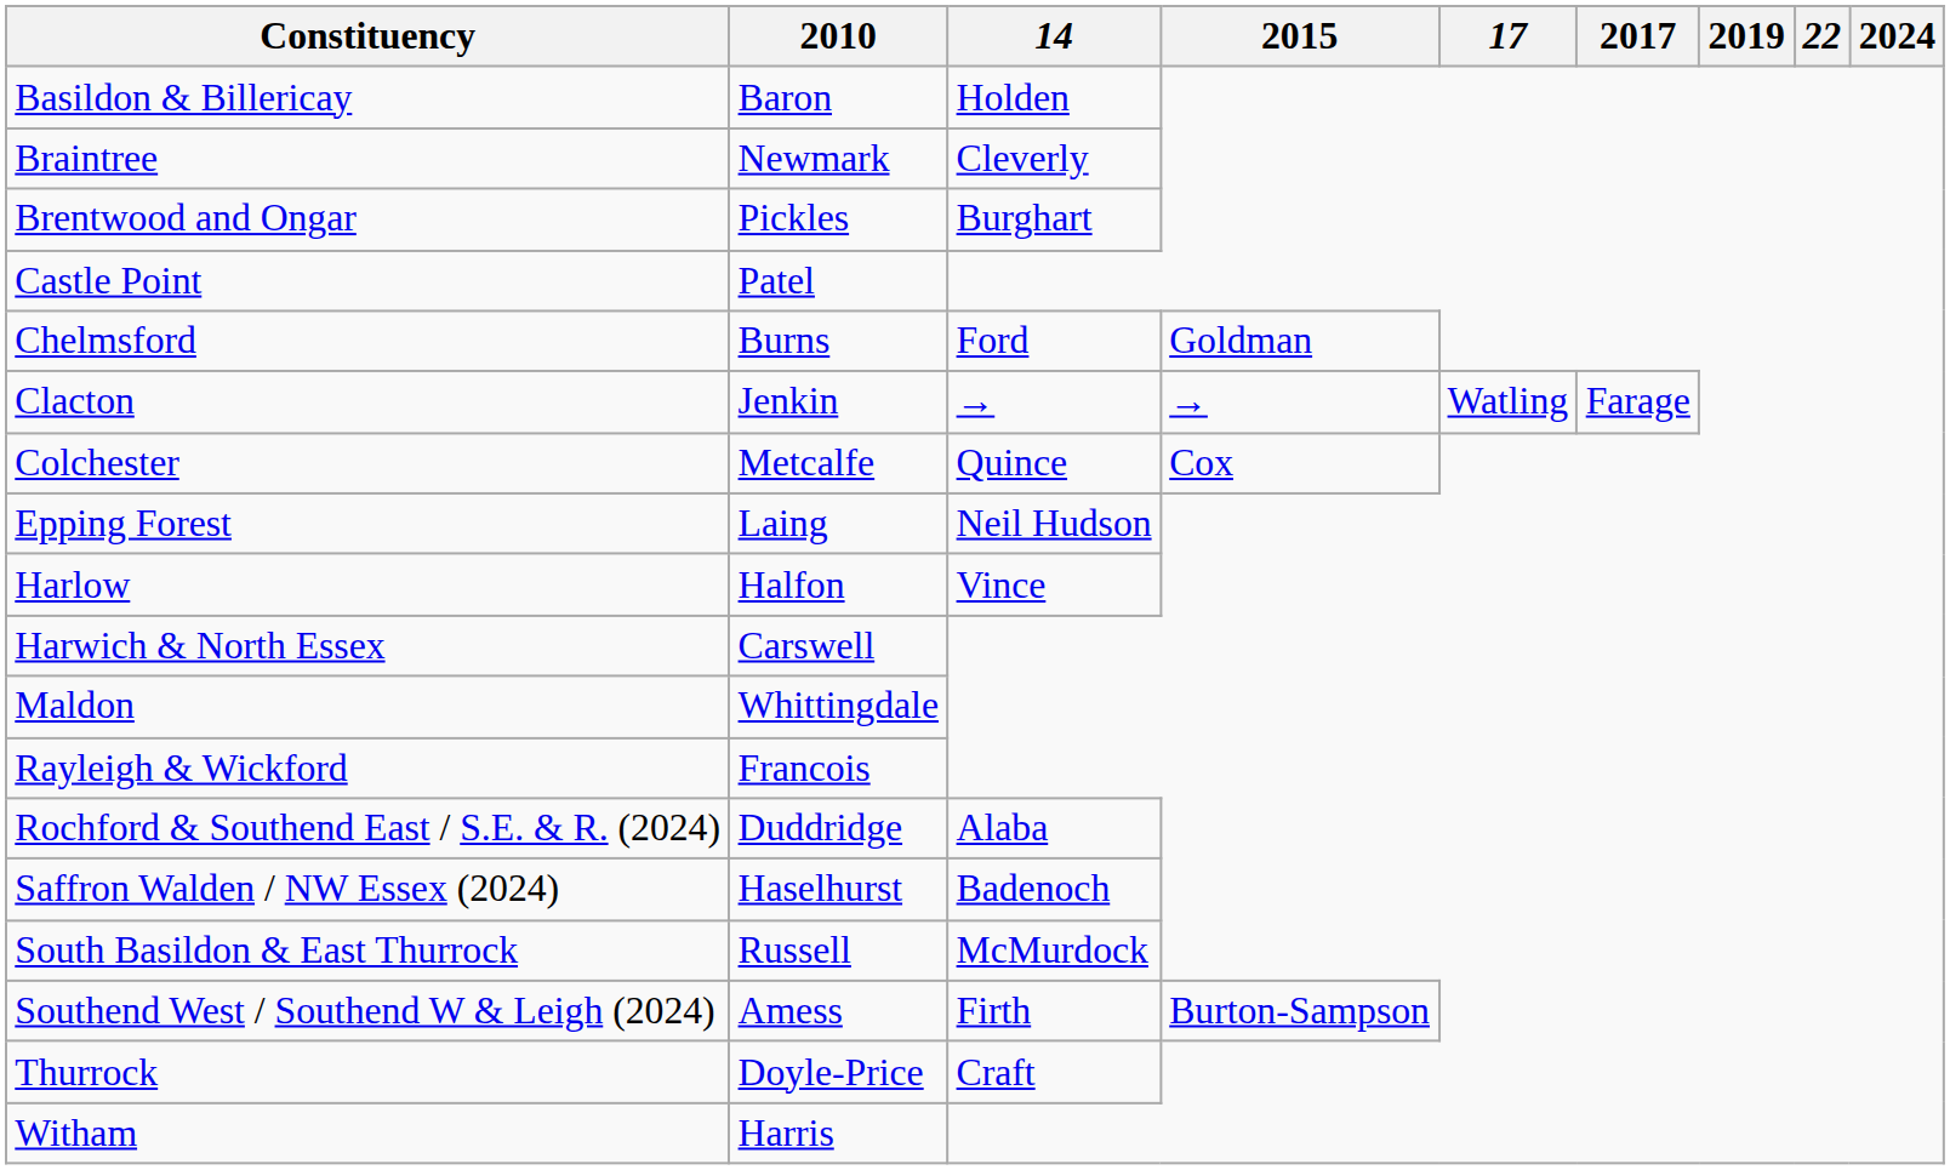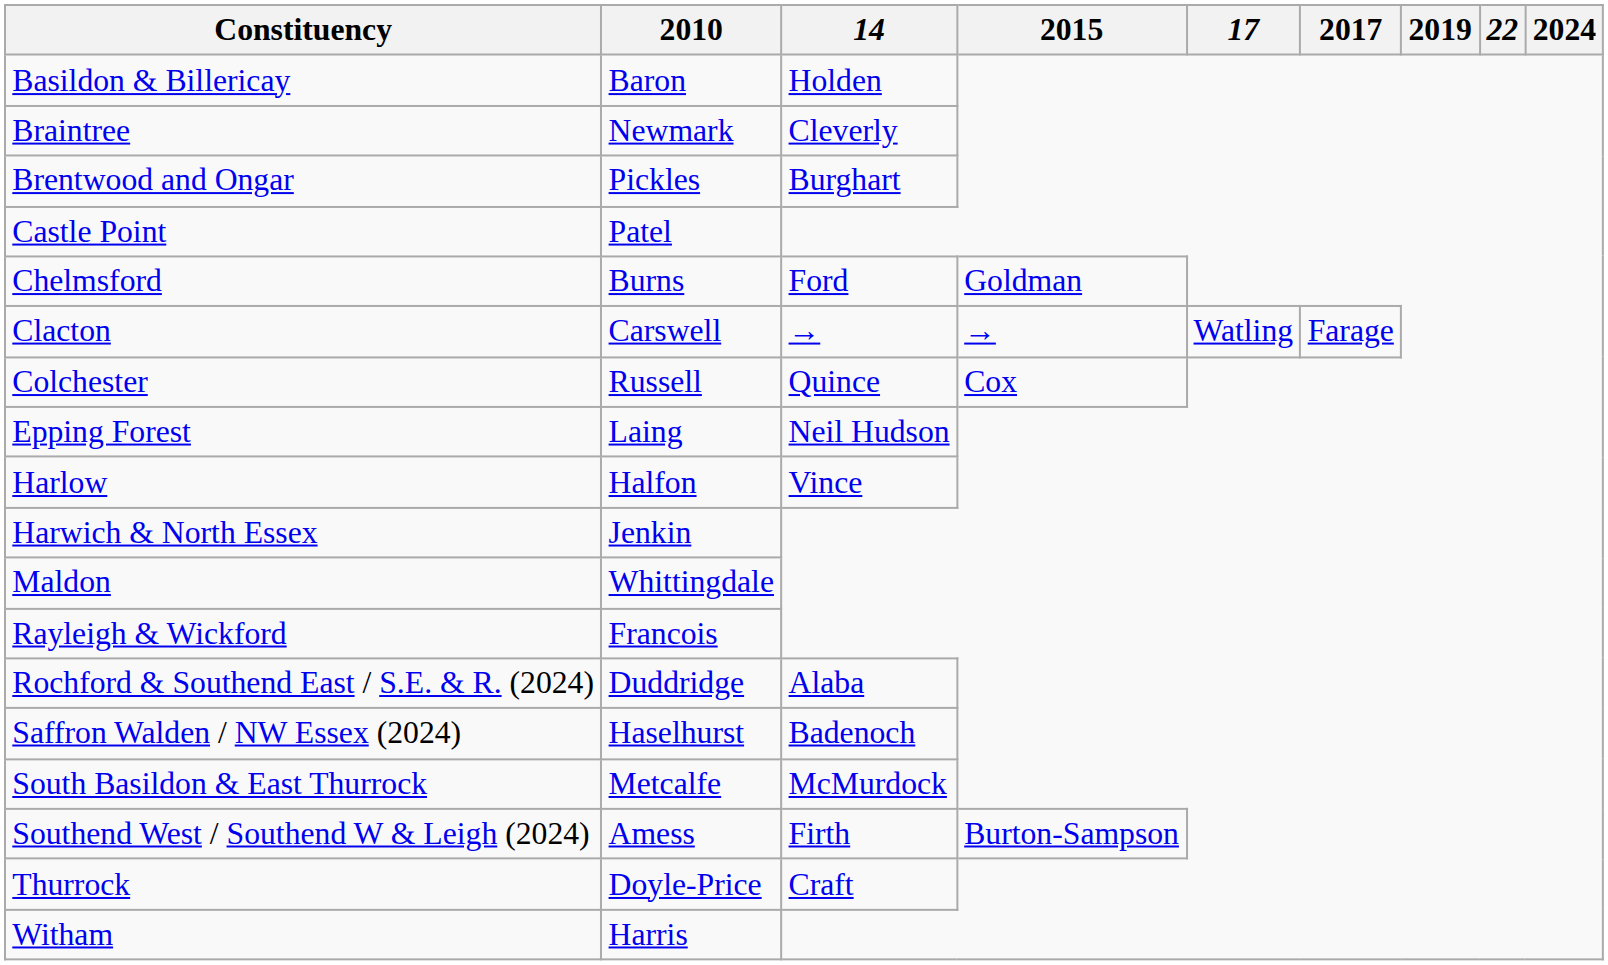 <table class="wikitable">
 <tr>
 <th>Constituency</th>
 <th>2010</th>
 <th><em>14</em></th>
 <th>2015</th>
 <th><em>17</em></th>
 <th>2017</th>
 <th>2019</th>
 <th><em>22</em></th>
 <th>2024</th>
 </tr>
 <tr>
 <td><a href='#'>Basildon & Billericay</a></td>
 <td><a href='#'>Baron</a></td>
 <td><a href='#'>Holden</a></td>
 </tr>
 <tr>
 <td><a href='#'>Braintree</a></td>
 <td><a href='#'>Newmark</a></td>
 <td><a href='#'>Cleverly</a></td>
 </tr>
 <tr>
 <td><a href='#'>Brentwood and Ongar</a></td>
 <td><a href='#'>Pickles</a></td>
 <td><a href='#'>Burghart</a></td>
 </tr>
 <tr>
 <td><a href='#'>Castle Point</a></td>
 <td><a href='#'>Patel</a></td>
 </tr>
 <tr>
 <td><a href='#'>Chelmsford</a></td>
 <td><a href='#'>Burns</a></td>
 <td><a href='#'>Ford</a></td>
 <td><a href='#'>Goldman</a></td>
 </tr>
 <tr>
 <td><a href='#'>Clacton</a></td>
-<td><a href='#'>Jenkin</a></td>
+<td><a href='#'>Carswell</a></td>
 <td><a href='#'>→</a></td>
 <td><a href='#'>→</a></td>
 <td><a href='#'>Watling</a></td>
 <td><a href='#'>Farage</a></td>
 </tr>
 <tr>
 <td><a href='#'>Colchester</a></td>
-<td><a href='#'>Metcalfe</a></td>
+<td><a href='#'>Russell</a></td>
 <td><a href='#'>Quince</a></td>
 <td><a href='#'>Cox</a></td>
 </tr>
 <tr>
 <td><a href='#'>Epping Forest</a></td>
 <td><a href='#'>Laing</a></td>
 <td><a href='#'>Neil Hudson</a></td>
 </tr>
 <tr>
 <td><a href='#'>Harlow</a></td>
 <td><a href='#'>Halfon</a></td>
 <td><a href='#'>Vince</a></td>
 </tr>
 <tr>
 <td><a href='#'>Harwich & North Essex</a></td>
-<td><a href='#'>Carswell</a></td>
+<td><a href='#'>Jenkin</a></td>
 </tr>
 <tr>
 <td><a href='#'>Maldon</a></td>
 <td><a href='#'>Whittingdale</a></td>
 </tr>
 <tr>
 <td><a href='#'>Rayleigh & Wickford</a></td>
 <td><a href='#'>Francois</a></td>
 </tr>
 <tr>
 <td><a href='#'>Rochford & Southend East</a> / <a href='#'>S.E. & R.</a> (2024)</td>
 <td><a href='#'>Duddridge</a></td>
 <td><a href='#'>Alaba</a></td>
 </tr>
 <tr>
 <td><a href='#'>Saffron Walden</a> / <a href='#'>NW Essex</a> (2024)</td>
 <td><a href='#'>Haselhurst</a></td>
 <td><a href='#'>Badenoch</a></td>
 </tr>
 <tr>
 <td><a href='#'>South Basildon & East Thurrock</a></td>
-<td><a href='#'>Russell</a></td>
+<td><a href='#'>Metcalfe</a></td>
 <td><a href='#'>McMurdock</a></td>
 </tr>
 <tr>
 <td><a href='#'>Southend West</a> / <a href='#'>Southend W & Leigh</a> (2024)</td>
 <td><a href='#'>Amess</a></td>
 <td><a href='#'>Firth</a></td>
 <td><a href='#'>Burton-Sampson</a></td>
 </tr>
 <tr>
 <td><a href='#'>Thurrock</a></td>
 <td><a href='#'>Doyle-Price</a></td>
 <td><a href='#'>Craft</a></td>
 </tr>
 <tr>
 <td><a href='#'>Witham</a></td>
 <td><a href='#'>Harris</a></td>
 </tr>
 </table>
